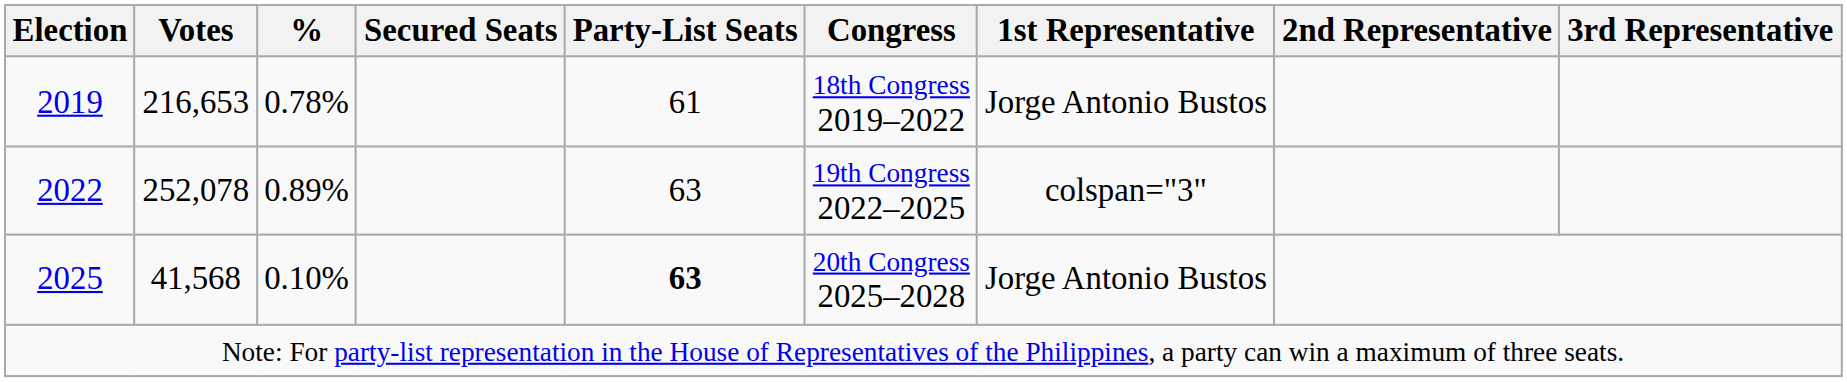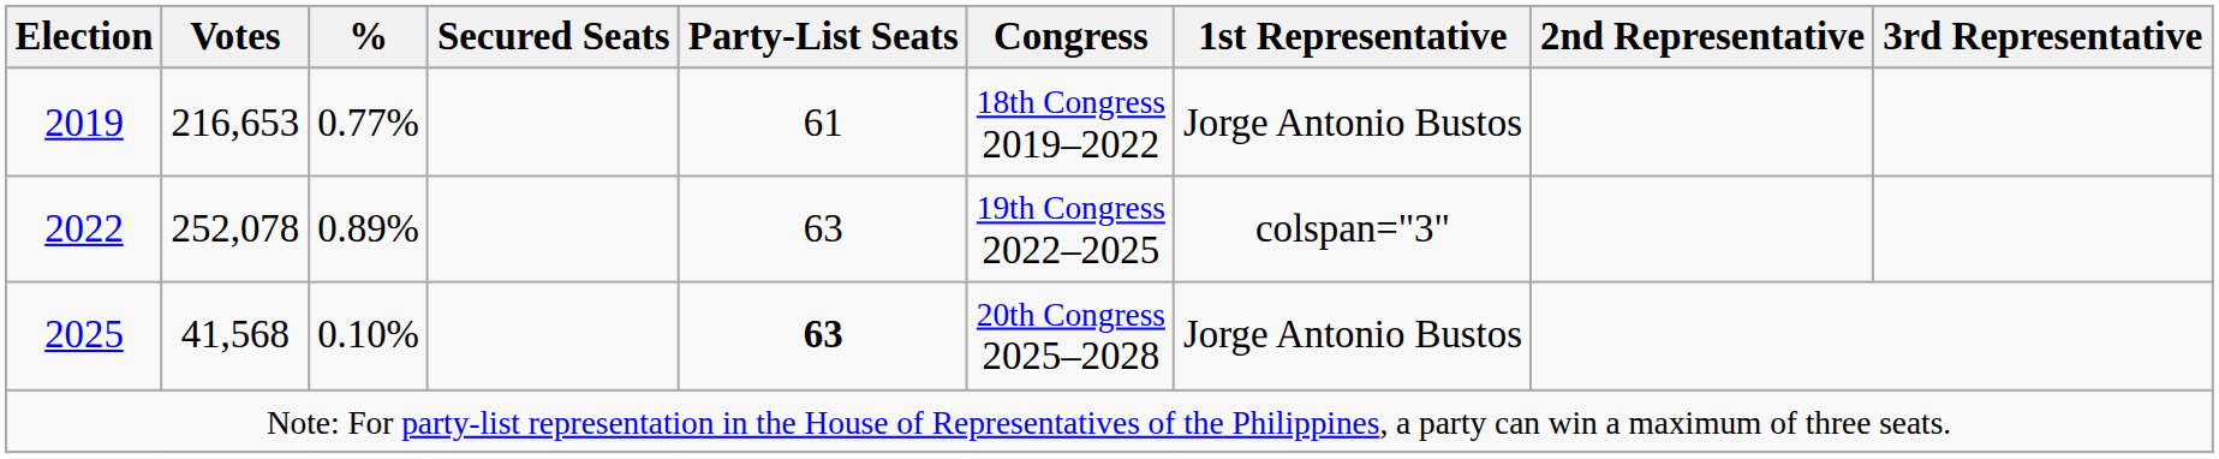 <table class="wikitable" style="text-align:center">
 <tr>
 <th>Election</th>
 <th>Votes</th>
 <th>%</th>
 <th>Secured Seats</th>
 <th>Party-List Seats</th>
 <th>Congress</th>
 <th>1st Representative</th>
 <th>2nd Representative</th>
 <th>3rd Representative</th>
 </tr>
 <tr>
 <td><a href='#'>2019</a></td>
 <td>216,653</td>
-<td>0.78%</td>
+<td>0.77%</td>
 <td></td>
 <td>61</td>
 <td><small><a href='#'>18th Congress</a></small><br>2019–2022</td>
 <td>Jorge Antonio Bustos</td>
 <td></td>
 <td></td>
 </tr>
 <tr>
 <td><a href='#'>2022</a></td>
 <td>252,078</td>
 <td>0.89%</td>
 <td></td>
 <td>63</td>
 <td><small><a href='#'>19th Congress</a></small><br>2022–2025</td>
 <td>colspan="3" </td>
 <td></td>
 <td></td>
 </tr>
 <tr>
 <td><a href='#'>2025</a></td>
 <td>41,568</td>
 <td>0.10%</td>
 <td></td>
 <td><strong>63</strong></td>
 <td><small><a href='#'>20th Congress</a></small><br>2025–2028</td>
 <td>Jorge Antonio Bustos</td>
 </tr>
 <tr>
 <td colspan="9"><small>Note: For <a href='#'>party-list representation in the House of Representatives of the Philippines</a>, a party can win a maximum of three seats.</small></td>
 </tr>
 </table>
